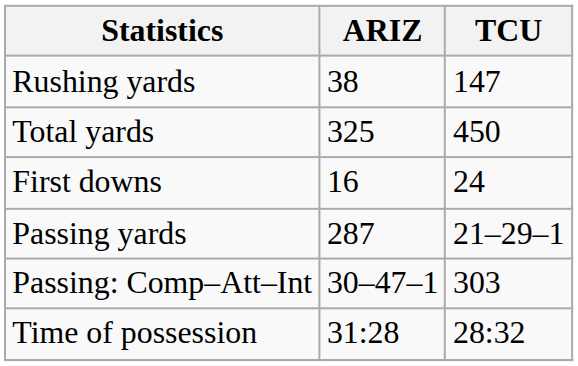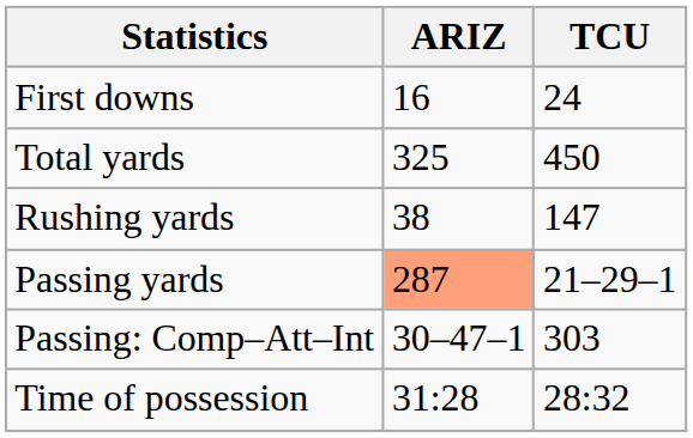 <table class="wikitable" style="float: left;">
 <tr>
 <th>Statistics</th>
 <th>ARIZ</th>
 <th>TCU</th>
 </tr>
 <tr>
-<td>Rushing yards</td>
-<td>38</td>
-<td>147</td>
+<td>First downs</td>
+<td>16</td>
+<td>24</td>
 </tr>
 <tr>
 <td>Total yards</td>
 <td>325</td>
 <td>450</td>
 </tr>
 <tr>
-<td>First downs</td>
-<td>16</td>
-<td>24</td>
+<td>Rushing yards</td>
+<td>38</td>
+<td>147</td>
 </tr>
 <tr>
 <td>Passing yards</td>
-<td>287</td>
+<td style="background: lightsalmon;">287</td>
 <td>21–29–1</td>
 </tr>
 <tr>
 <td>Passing: Comp–Att–Int</td>
 <td>30–47–1</td>
 <td>303</td>
 </tr>
 <tr>
 <td>Time of possession</td>
 <td>31:28</td>
 <td>28:32</td>
 </tr>
 <tr>
 </tr>
 </table>
